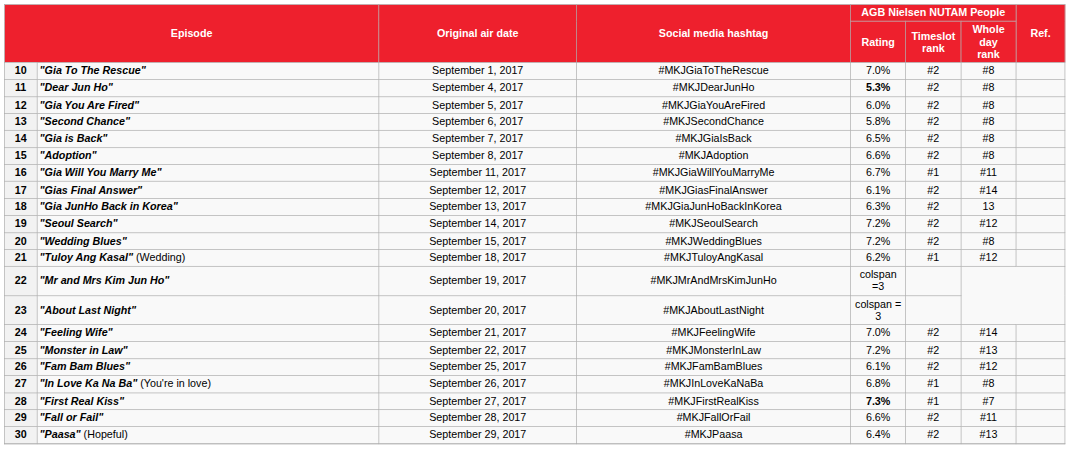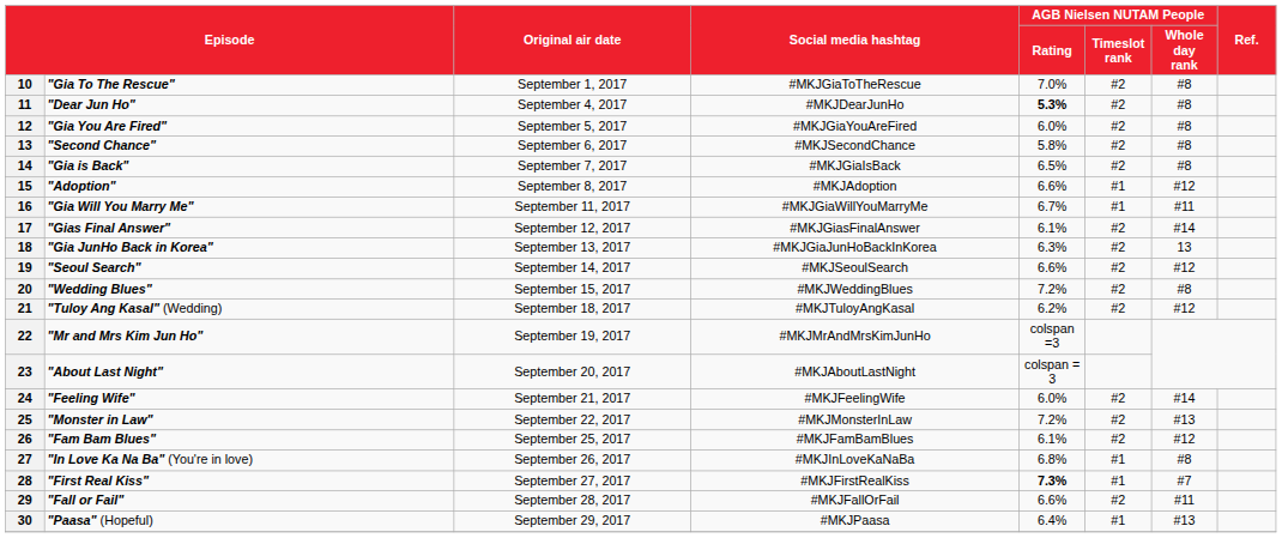 <table class="wikitable" style="text-align:center; font-size:100%; line-height:18px;"  width="100%">
 <tr>
 <th style="background-color:#ee202d; color:#ffffff;" colspan="2" rowspan="2">Episode</th>
 <th style="background:#ee202d; color:white" rowspan="2">Original air date</th>
 <th style="background:#ee202d; color:white" rowspan="2">Social media hashtag</th>
 <th style="background-color:#ee202d; color:#ffffff;" colspan="3">AGB Nielsen NUTAM People</th>
 <th style="background-color:#ee202d; color:#ffffff;" rowspan="2">Ref.</th>
 </tr>
 <tr>
 <th style="background-color:#ee202d; width:75px; color:#ffffff;">Rating</th>
 <th style="background-color:#ee202d; width:75px; color:#ffffff;">Timeslot<br>rank</th>
 <th style="background-color:#ee202d; width:75px; color:#ffffff;">Whole day<br>rank</th>
 </tr>
 <tr>
 <th>10</th>
 <td style="text-align: left;"><strong><em>"Gia To The Rescue"</em></strong></td>
 <td>September 1, 2017</td>
 <td>#MKJGiaToTheRescue</td>
 <td>7.0%</td>
 <td>#2</td>
 <td>#8</td>
 <td></td>
 </tr>
 <tr>
 <th>11</th>
 <td style="text-align: left;"><strong><em>"Dear Jun Ho"</em></strong></td>
 <td>September 4, 2017</td>
 <td>#MKJDearJunHo</td>
 <td><span><strong>5.3%</strong></span></td>
 <td>#2</td>
 <td>#8</td>
 <td></td>
 </tr>
 <tr>
 <th>12</th>
 <td style="text-align: left;"><strong><em>"Gia You Are Fired"</em></strong></td>
 <td>September 5, 2017</td>
 <td>#MKJGiaYouAreFired</td>
 <td>6.0%</td>
 <td>#2</td>
 <td>#8</td>
 <td></td>
 </tr>
 <tr>
 <th>13</th>
 <td style="text-align: left;"><strong><em>"Second Chance"</em></strong></td>
 <td>September 6, 2017</td>
 <td>#MKJSecondChance</td>
 <td>5.8%</td>
 <td>#2</td>
 <td>#8</td>
 <td></td>
 </tr>
 <tr>
 <th>14</th>
 <td style="text-align: left;"><strong><em>"Gia is Back"</em></strong></td>
 <td>September 7, 2017</td>
 <td>#MKJGiaIsBack</td>
 <td>6.5%</td>
 <td>#2</td>
 <td>#8</td>
 <td></td>
 </tr>
 <tr>
 <th>15</th>
 <td style="text-align: left;"><strong><em>"Adoption"</em></strong></td>
 <td>September 8, 2017</td>
 <td>#MKJAdoption</td>
 <td>6.6%</td>
-<td>#2</td>
-<td>#8</td>
+<td>#1</td>
+<td>#12</td>
 <td></td>
 </tr>
 <tr>
 <th>16</th>
 <td style="text-align: left;"><strong><em>"Gia Will You Marry Me"</em></strong></td>
 <td>September 11, 2017</td>
 <td>#MKJGiaWillYouMarryMe</td>
 <td>6.7%</td>
 <td>#1</td>
 <td>#11</td>
 <td></td>
 </tr>
 <tr>
 <th>17</th>
 <td style="text-align: left;"><strong><em>"Gias Final Answer"</em></strong></td>
 <td>September 12, 2017</td>
 <td>#MKJGiasFinalAnswer</td>
 <td>6.1%</td>
 <td>#2</td>
 <td>#14</td>
 <td></td>
 </tr>
 <tr>
 <th>18</th>
 <td style="text-align: left;"><strong><em>"Gia JunHo Back in Korea"</em></strong></td>
 <td>September 13, 2017</td>
 <td>#MKJGiaJunHoBackInKorea</td>
 <td>6.3%</td>
 <td>#2</td>
 <td>13</td>
 <td></td>
 </tr>
 <tr>
 <th>19</th>
 <td style="text-align: left;"><strong><em>"Seoul Search"</em></strong></td>
 <td>September 14, 2017</td>
 <td>#MKJSeoulSearch</td>
-<td>7.2%</td>
+<td>6.6%</td>
 <td>#2</td>
 <td>#12</td>
 <td></td>
 </tr>
 <tr>
 <th>20</th>
 <td style="text-align: left;"><strong><em>"Wedding Blues"</em></strong></td>
 <td>September 15, 2017</td>
 <td>#MKJWeddingBlues</td>
 <td>7.2%</td>
 <td>#2</td>
 <td>#8</td>
 <td></td>
 </tr>
 <tr G>
 <th>21</th>
 <td style="text-align: left;"><strong><em>"Tuloy Ang Kasal"</em></strong> (Wedding)</td>
 <td>September 18, 2017</td>
 <td>#MKJTuloyAngKasal</td>
 <td>6.2%</td>
-<td>#1</td>
+<td>#2</td>
 <td>#12</td>
 <td></td>
 </tr>
 <tr>
 <th>22</th>
 <td style="text-align: left;"><strong><em>"Mr and Mrs Kim Jun Ho"</em></strong></td>
 <td>September 19, 2017</td>
 <td>#MKJMrAndMrsKimJunHo</td>
 <td>colspan =3</td>
 <td></td>
 </tr>
 <tr>
 <th>23</th>
 <td style="text-align: left;"><strong><em>"About Last Night"</em></strong></td>
 <td>September 20, 2017</td>
 <td>#MKJAboutLastNight</td>
 <td>colspan = 3</td>
 <td></td>
 </tr>
 <tr>
 <th>24</th>
 <td style="text-align: left;"><strong><em>"Feeling Wife"</em></strong></td>
 <td>September 21, 2017</td>
 <td>#MKJFeelingWife</td>
-<td>7.0%</td>
+<td>6.0%</td>
 <td>#2</td>
 <td>#14</td>
 <td></td>
 </tr>
 <tr>
 <th>25</th>
 <td style="text-align: left;"><strong><em>"Monster in Law"</em></strong></td>
 <td>September 22, 2017</td>
 <td>#MKJMonsterInLaw</td>
 <td>7.2%</td>
 <td>#2</td>
 <td>#13</td>
 <td></td>
 </tr>
 <tr>
 <th>26</th>
 <td style="text-align: left;"><strong><em>"Fam Bam Blues"</em></strong></td>
 <td>September 25, 2017</td>
 <td>#MKJFamBamBlues</td>
 <td>6.1%</td>
 <td>#2</td>
 <td>#12</td>
 <td></td>
 </tr>
 <tr>
 <th>27</th>
 <td style="text-align: left;"><strong><em>"In Love Ka Na Ba"</em></strong> (You're in love)</td>
 <td>September 26, 2017</td>
 <td>#MKJInLoveKaNaBa</td>
 <td>6.8%</td>
 <td>#1</td>
 <td>#8</td>
 <td></td>
 </tr>
 <tr>
 <th>28</th>
 <td style="text-align: left;"><strong><em>"First Real Kiss"</em></strong></td>
 <td>September 27, 2017</td>
 <td>#MKJFirstRealKiss</td>
 <td><span><strong>7.3%</strong></span></td>
 <td>#1</td>
 <td>#7</td>
 <td></td>
 </tr>
 <tr>
 <th>29</th>
 <td style="text-align: left;"><strong><em>"Fall or Fail"</em></strong></td>
 <td>September 28, 2017</td>
 <td>#MKJFallOrFail</td>
 <td>6.6%</td>
 <td>#2</td>
 <td>#11</td>
 <td></td>
 </tr>
 <tr>
 <th>30</th>
 <td style="text-align: left;"><strong><em>"Paasa"</em></strong> (Hopeful)</td>
 <td>September 29, 2017</td>
 <td>#MKJPaasa</td>
 <td>6.4%</td>
-<td>#2</td>
+<td>#1</td>
 <td>#13</td>
 <td></td>
 </tr>
 <tr>
 </tr>
 </table>
